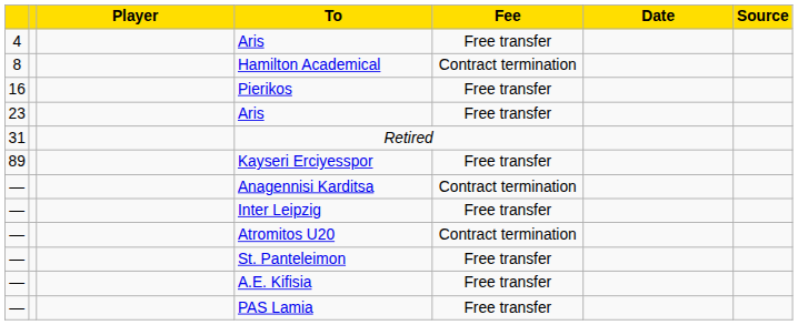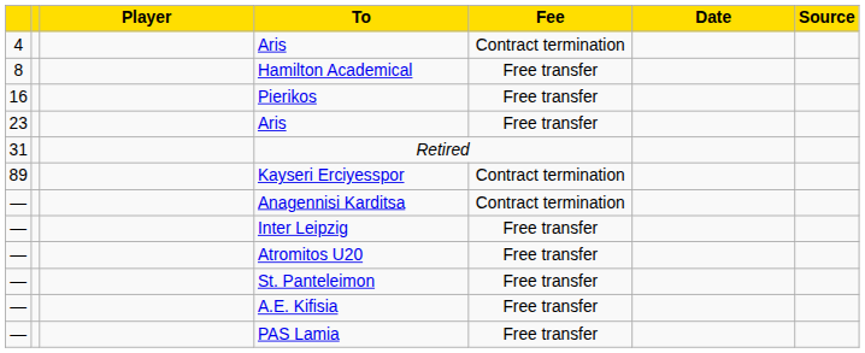 <table class="wikitable sortable">
 <tr>
 <th style="background:#FFDE00"></th>
 <th style="background:#FFDE00"></th>
 <th width=200 style="background:#FFDE00">Player</th>
 <th width=200 style="background:#FFDE00">To</th>
 <th width=150 style="background:#FFDE00">Fee</th>
 <th width=150 style="background:#FFDE00">Date</th>
 <th style="background:#FFDE00">Source</th>
 </tr>
 <tr>
 <td align=center>4</td>
 <td align=center></td>
 <td></td>
 <td> <a href='#'>Aris</a></td>
-<td align=center>Free transfer</td>
+<td align=center>Contract termination</td>
 <td align=center></td>
 <td align=center></td>
 </tr>
 <tr>
 <td align=center>8</td>
 <td align=center></td>
 <td></td>
 <td> <a href='#'>Hamilton Academical</a></td>
-<td align=center>Contract termination</td>
+<td align=center>Free transfer</td>
 <td align=center></td>
 <td align=center></td>
 </tr>
 <tr>
 <td align=center>16</td>
 <td align=center></td>
 <td></td>
 <td> <a href='#'>Pierikos</a></td>
 <td align=center>Free transfer</td>
 <td align=center></td>
 <td align=center></td>
 </tr>
 <tr>
 <td align=center>23</td>
 <td align=center></td>
 <td></td>
 <td> <a href='#'>Aris</a></td>
 <td align=center>Free transfer</td>
 <td align=center></td>
 <td align=center></td>
 </tr>
 <tr>
 <td align=center>31</td>
 <td align=center></td>
 <td></td>
 <td align=center colspan=2><em>Retired</em></td>
 <td align=center></td>
 <td align=center></td>
 </tr>
 <tr>
 <td align=center>89</td>
 <td align=center></td>
 <td></td>
 <td> <a href='#'>Kayseri Erciyesspor</a></td>
-<td align=center>Free transfer</td>
+<td align=center>Contract termination</td>
 <td align=center></td>
 <td align=center></td>
 </tr>
 <tr>
 <td align=center>—</td>
 <td align=center></td>
 <td></td>
 <td> <a href='#'>Anagennisi Karditsa</a></td>
 <td align=center>Contract termination</td>
 <td align=center></td>
 <td align=center></td>
 </tr>
 <tr>
 <td align=center>—</td>
 <td align=center></td>
 <td></td>
 <td> <a href='#'>Inter Leipzig</a></td>
 <td align=center>Free transfer</td>
 <td align=center></td>
 <td align=center></td>
 </tr>
 <tr>
 <td align=center>—</td>
 <td align=center></td>
 <td></td>
 <td> <a href='#'>Atromitos U20</a></td>
-<td align=center>Contract termination</td>
+<td align=center>Free transfer</td>
 <td align=center></td>
 <td align=center></td>
 </tr>
 <tr>
 <td align=center>—</td>
 <td align=center></td>
 <td></td>
 <td> <a href='#'>St. Panteleimon</a></td>
 <td align=center>Free transfer</td>
 <td align=center></td>
 <td align=center></td>
 </tr>
 <tr>
 <td align=center>—</td>
 <td align=center></td>
 <td></td>
 <td> <a href='#'>A.E. Kifisia</a></td>
 <td align=center>Free transfer</td>
 <td align=center></td>
 <td align=center></td>
 </tr>
 <tr>
 <td align=center>—</td>
 <td align=center></td>
 <td></td>
 <td> <a href='#'>PAS Lamia</a></td>
 <td align=center>Free transfer</td>
 <td align=center></td>
 <td align=center></td>
 </tr>
 </table>
